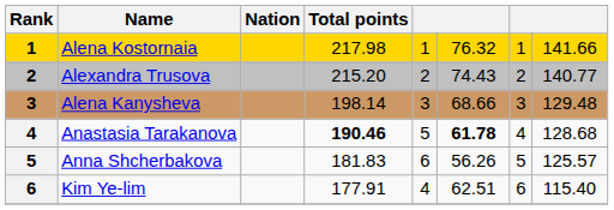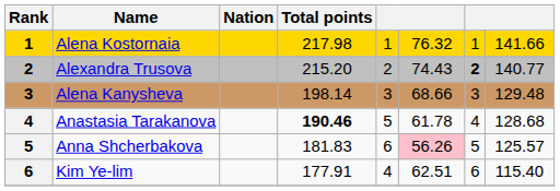 <table class="wikitable sortable">
 <tr>
 <th>Rank</th>
 <th>Name</th>
 <th>Nation</th>
 <th>Total points</th>
 <th colspan="2" width="80px"></th>
 <th colspan="2" width="80px"></th>
 </tr>
 <tr bgcolor="gold">
 <td align="center"><strong>1</strong></td>
 <td><a href='#'>Alena Kostornaia</a></td>
 <td></td>
 <td align="center">217.98</td>
 <td align="center">1</td>
 <td align="center">76.32</td>
 <td align="center">1</td>
 <td align="center">141.66</td>
 </tr>
 <tr bgcolor="silver">
 <td align="center"><strong>2</strong></td>
 <td><a href='#'>Alexandra Trusova</a></td>
 <td></td>
 <td align="center">215.20</td>
 <td align="center">2</td>
 <td align="center">74.43</td>
-<td align="center">2</td>
+<td align="center"><strong>2</strong></td>
 <td align="center">140.77</td>
 </tr>
 <tr bgcolor="cc9966">
 <td align="center"><strong>3</strong></td>
 <td><a href='#'>Alena Kanysheva</a></td>
 <td></td>
 <td align="center">198.14</td>
 <td align="center">3</td>
 <td align="center">68.66</td>
 <td align="center">3</td>
 <td align="center">129.48</td>
 </tr>
 <tr>
 <th>4</th>
 <td><a href='#'>Anastasia Tarakanova</a></td>
 <td></td>
 <td align="center"><strong>190.46</strong></td>
 <td align="center">5</td>
-<td align="center"><strong>61.78</strong></td>
+<td align="center">61.78</td>
 <td align="center">4</td>
 <td align="center">128.68</td>
 </tr>
 <tr>
 <th>5</th>
 <td><a href='#'>Anna Shcherbakova</a></td>
 <td></td>
 <td align="center">181.83</td>
 <td align="center">6</td>
-<td align="center">56.26</td>
+<td align="center" style="background: pink;">56.26</td>
 <td align="center">5</td>
 <td align="center">125.57</td>
 </tr>
 <tr>
 <th>6</th>
 <td><a href='#'>Kim Ye-lim</a></td>
 <td></td>
 <td align="center">177.91</td>
 <td align="center">4</td>
 <td align="center">62.51</td>
 <td align="center">6</td>
 <td align="center">115.40</td>
 </tr>
 <tr>
 </tr>
 </table>
